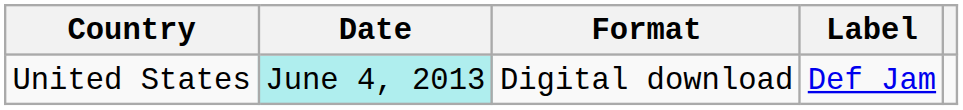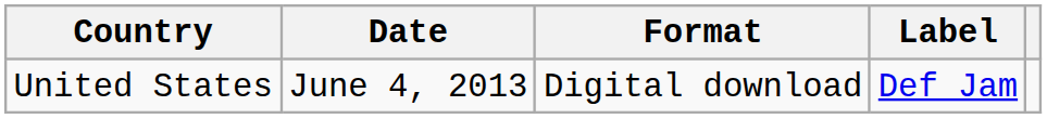 <table class="wikitable">
 <tr>
 <th>Country</th>
 <th>Date</th>
 <th>Format</th>
 <th>Label</th>
 <th></th>
 </tr>
 <tr>
 <td rowspan="3">United States</td>
-<td style="background: paleturquoise;">June 4, 2013</td>
+<td>June 4, 2013</td>
 <td>Digital download</td>
 <td><a href='#'>Def Jam</a></td>
 <td></td>
 </tr>
 </table>
